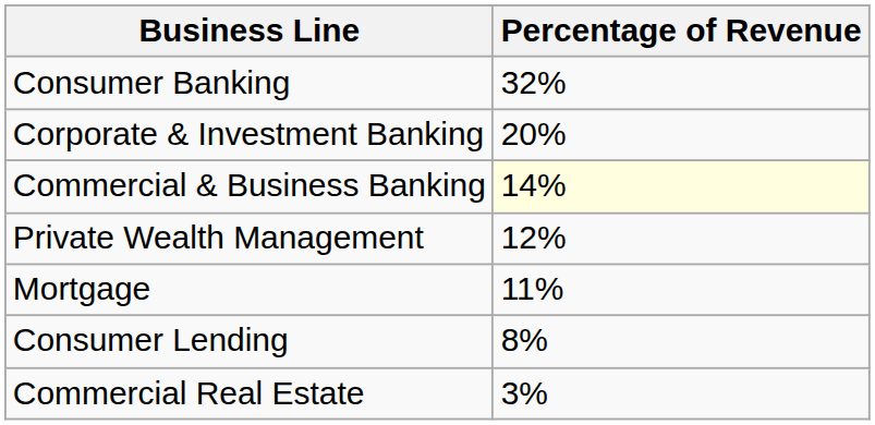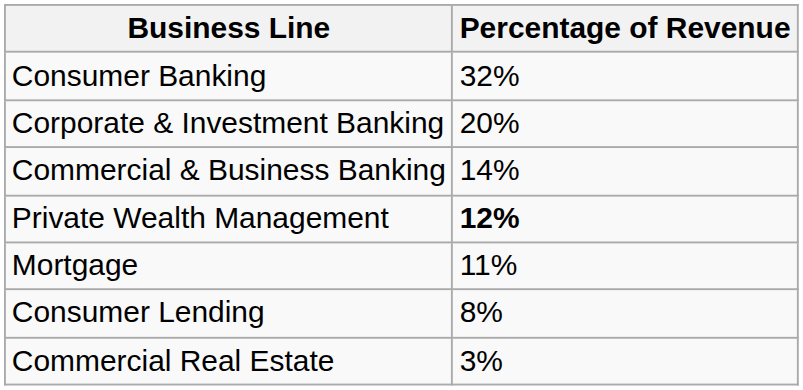 <table class="wikitable">
 <tr>
 <th>Business Line</th>
 <th>Percentage of Revenue</th>
 </tr>
 <tr>
 <td>Consumer Banking</td>
 <td>32%</td>
 </tr>
 <tr>
 <td>Corporate & Investment Banking</td>
 <td>20%</td>
 </tr>
 <tr>
 <td>Commercial & Business Banking</td>
-<td style="background: lightyellow;">14%</td>
+<td>14%</td>
 </tr>
 <tr>
 <td>Private Wealth Management</td>
-<td>12%</td>
+<td><strong>12%</strong></td>
 </tr>
 <tr>
 <td>Mortgage</td>
 <td>11%</td>
 </tr>
 <tr>
 <td>Consumer Lending</td>
 <td>8%</td>
 </tr>
 <tr>
 <td>Commercial Real Estate</td>
 <td>3%</td>
 </tr>
 </table>
